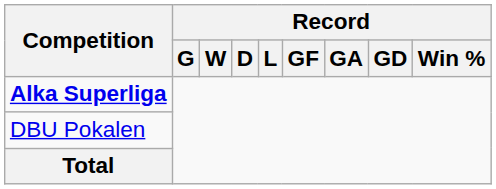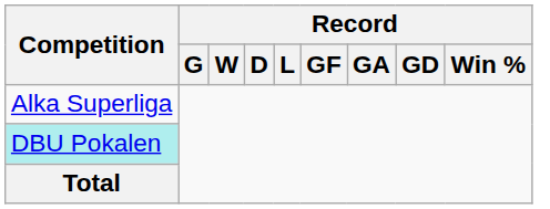 <table class="wikitable" style="text-align: center">
 <tr>
 <th rowspan="2">Competition</th>
 <th colspan="9">Record</th>
 </tr>
 <tr>
 <th>G</th>
 <th>W</th>
 <th>D</th>
 <th>L</th>
 <th>GF</th>
 <th>GA</th>
 <th>GD</th>
 <th>Win %</th>
 </tr>
 <tr>
-<td style="text-align: left"><strong><a href='#'>Alka Superliga</a><br></strong></td>
+<td style="text-align: left"><a href='#'>Alka Superliga</a><br></td>
 </tr>
 <tr>
-<td style="text-align: left"><a href='#'>DBU Pokalen</a><br></td>
+<td style="background: paleturquoise; text-align: left"><a href='#'>DBU Pokalen</a><br></td>
 </tr>
 <tr>
 <th>Total<br></th>
 </tr>
 </table>
